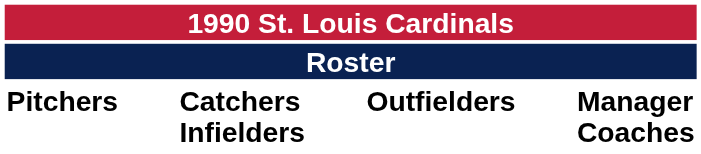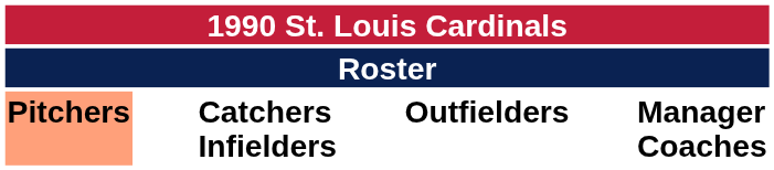 <table class="toccolours" style="font-size: 95%;">
 <tr>
 <th colspan="10" style="background-color: #c41e3a; color: white; text-align: center;">1990 St. Louis Cardinals</th>
 </tr>
 <tr>
 <td colspan="10" style="background-color: #0a2252; color: white; text-align: center;"><strong>Roster</strong></td>
 </tr>
 <tr>
-<td valign="top"><strong>Pitchers</strong><br>                    </td>
+<td valign="top" style="background: lightsalmon;"><strong>Pitchers</strong><br>                    </td>
 <td width="25px"></td>
 <td valign="top"><strong>Catchers</strong><br>   <strong>Infielders</strong>          </td>
 <td width="25px"></td>
 <td valign="top"><strong>Outfielders</strong><br>        </td>
 <td width="25px"></td>
 <td valign="top"><strong>Manager</strong><br>   <strong>Coaches</strong>      </td>
 </tr>
 </table>
